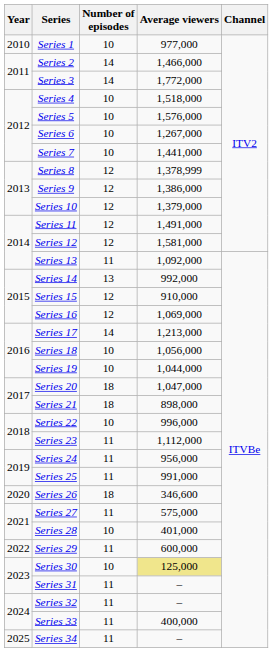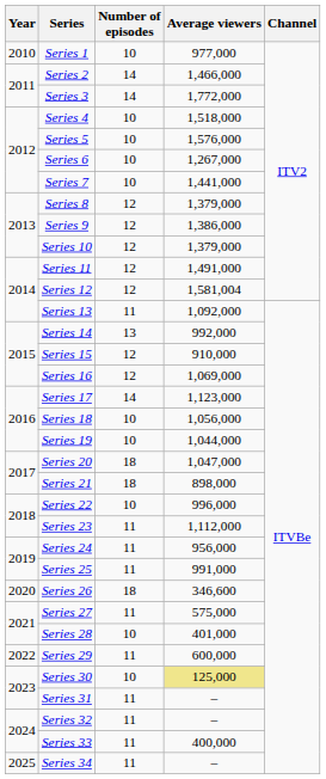 <table class="wikitable" style="text-align:center;">
 <tr>
 <th>Year</th>
 <th>Series</th>
 <th>Number of<br>episodes</th>
 <th>Average viewers</th>
 <th>Channel</th>
 </tr>
 <tr>
 <td>2010</td>
 <td><em><a href='#'>Series 1</a></em></td>
 <td>10</td>
 <td>977,000</td>
 <td rowspan="12"><a href='#'>ITV2</a></td>
 </tr>
 <tr>
 <td rowspan="2">2011</td>
 <td><em><a href='#'>Series 2</a></em></td>
 <td>14</td>
 <td>1,466,000</td>
 </tr>
 <tr>
 <td><em><a href='#'>Series 3</a></em></td>
 <td>14</td>
 <td>1,772,000</td>
 </tr>
 <tr>
 <td rowspan="4">2012</td>
 <td><em><a href='#'>Series 4</a></em></td>
 <td>10</td>
 <td>1,518,000</td>
 </tr>
 <tr>
 <td><em><a href='#'>Series 5</a></em></td>
 <td>10</td>
 <td>1,576,000</td>
 </tr>
 <tr>
 <td><em><a href='#'>Series 6</a></em></td>
 <td>10</td>
 <td>1,267,000</td>
 </tr>
 <tr>
 <td><em><a href='#'>Series 7</a></em></td>
 <td>10</td>
 <td>1,441,000</td>
 </tr>
 <tr>
 <td rowspan="3">2013</td>
 <td><em><a href='#'>Series 8</a></em></td>
 <td>12</td>
-<td>1,378,999</td>
+<td>1,379,000</td>
 </tr>
 <tr>
 <td><em><a href='#'>Series 9</a></em></td>
 <td>12</td>
 <td>1,386,000</td>
 </tr>
 <tr>
 <td><em><a href='#'>Series 10</a></em></td>
 <td>12</td>
 <td>1,379,000</td>
 </tr>
 <tr>
 <td rowspan="3">2014</td>
 <td><em><a href='#'>Series 11</a></em></td>
 <td>12</td>
 <td>1,491,000</td>
 </tr>
 <tr>
 <td><em><a href='#'>Series 12</a></em></td>
 <td>12</td>
-<td>1,581,000</td>
+<td>1,581,004</td>
 </tr>
 <tr>
 <td><em><a href='#'>Series 13</a></em></td>
 <td>11</td>
 <td>1,092,000</td>
 <td rowspan="22"><a href='#'>ITVBe</a></td>
 </tr>
 <tr>
 <td rowspan="3">2015</td>
 <td><em><a href='#'>Series 14</a></em></td>
 <td>13</td>
 <td>992,000</td>
 </tr>
 <tr>
 <td><em><a href='#'>Series 15</a></em></td>
 <td>12</td>
 <td>910,000</td>
 </tr>
 <tr>
 <td><em><a href='#'>Series 16</a></em></td>
 <td>12</td>
 <td>1,069,000</td>
 </tr>
 <tr>
 <td rowspan="3">2016</td>
 <td><em><a href='#'>Series 17</a></em></td>
 <td>14</td>
-<td>1,213,000</td>
+<td>1,123,000</td>
 </tr>
 <tr>
 <td><em><a href='#'>Series 18</a></em></td>
 <td>10</td>
 <td>1,056,000</td>
 </tr>
 <tr>
 <td><em><a href='#'>Series 19</a></em></td>
 <td>10</td>
 <td>1,044,000</td>
 </tr>
 <tr>
 <td rowspan="2">2017</td>
 <td><em><a href='#'>Series 20</a></em></td>
 <td>18</td>
 <td>1,047,000</td>
 </tr>
 <tr>
 <td><em><a href='#'>Series 21</a></em></td>
 <td>18</td>
 <td>898,000</td>
 </tr>
 <tr>
 <td rowspan="2">2018</td>
 <td><em><a href='#'>Series 22</a></em></td>
 <td>10</td>
 <td>996,000</td>
 </tr>
 <tr>
 <td><em><a href='#'>Series 23</a></em></td>
 <td>11</td>
 <td>1,112,000</td>
 </tr>
 <tr>
 <td rowspan="2">2019</td>
 <td><em><a href='#'>Series 24</a></em></td>
 <td>11</td>
 <td>956,000</td>
 </tr>
 <tr>
 <td><em><a href='#'>Series 25</a></em></td>
 <td>11</td>
 <td>991,000</td>
 </tr>
 <tr>
 <td>2020</td>
 <td><em><a href='#'>Series 26</a></em></td>
 <td>18</td>
 <td>346,600</td>
 </tr>
 <tr>
 <td rowspan="2">2021</td>
 <td><em><a href='#'>Series 27</a></em></td>
 <td>11</td>
 <td>575,000</td>
 </tr>
 <tr>
 <td><em><a href='#'>Series 28</a></em></td>
 <td>10</td>
 <td>401,000</td>
 </tr>
 <tr>
 <td>2022</td>
 <td><em><a href='#'>Series 29</a></em></td>
 <td>11</td>
 <td>600,000</td>
 </tr>
 <tr>
 <td rowspan="2">2023</td>
 <td><em><a href='#'>Series 30</a></em></td>
 <td>10</td>
 <td style="background: khaki;">125,000</td>
 </tr>
 <tr>
 <td><em><a href='#'>Series 31</a></em></td>
 <td>11</td>
 <td>–</td>
 </tr>
 <tr>
 <td rowspan="2">2024</td>
 <td><em><a href='#'>Series 32</a></em></td>
 <td>11</td>
 <td>–</td>
 </tr>
 <tr>
 <td><em><a href='#'>Series 33</a></em></td>
 <td>11</td>
 <td>400,000</td>
 </tr>
 <tr>
 <td>2025</td>
 <td><em><a href='#'>Series 34</a></em></td>
 <td>11</td>
 <td>–</td>
 </tr>
 </table>
